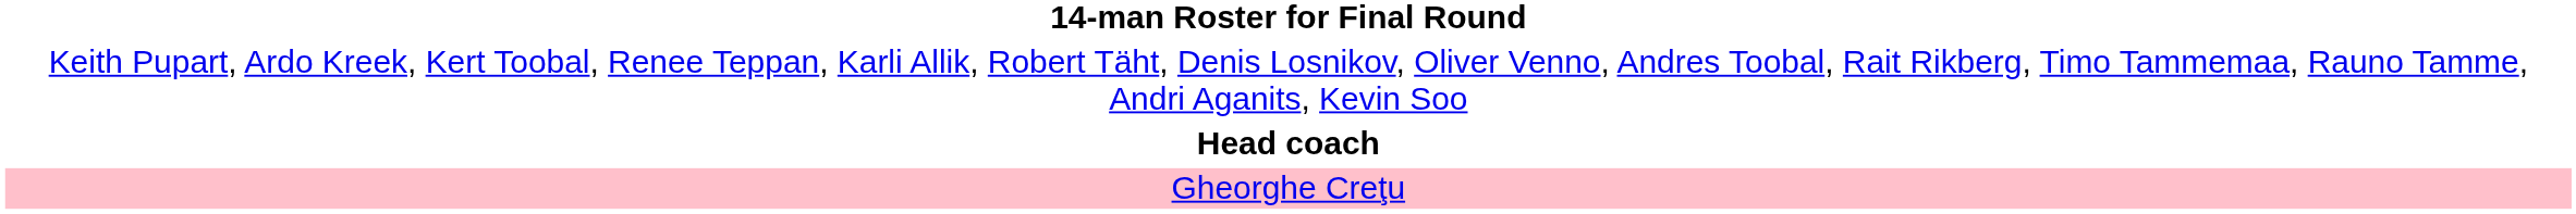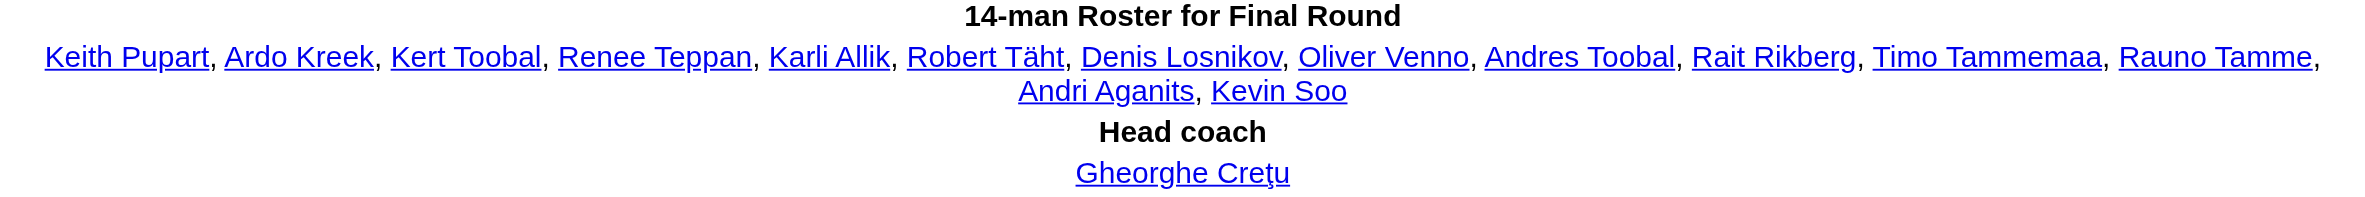 <table style="text-align:center; margin-top:2em; margin-left:auto; margin-right:auto">
 <tr>
 <td><strong>14-man Roster for Final Round</strong></td>
 </tr>
 <tr>
 <td><a href='#'>Keith Pupart</a>, <a href='#'>Ardo Kreek</a>, <a href='#'>Kert Toobal</a>, <a href='#'>Renee Teppan</a>, <a href='#'>Karli Allik</a>, <a href='#'>Robert Täht</a>, <a href='#'>Denis Losnikov</a>, <a href='#'>Oliver Venno</a>, <a href='#'>Andres Toobal</a>, <a href='#'>Rait Rikberg</a>, <a href='#'>Timo Tammemaa</a>, <a href='#'>Rauno Tamme</a>, <a href='#'>Andri Aganits</a>, <a href='#'>Kevin Soo</a></td>
 </tr>
 <tr>
 <td><strong>Head coach</strong></td>
 </tr>
 <tr>
-<td style="background: pink;"><a href='#'>Gheorghe Creţu</a></td>
+<td><a href='#'>Gheorghe Creţu</a></td>
 </tr>
 </table>
